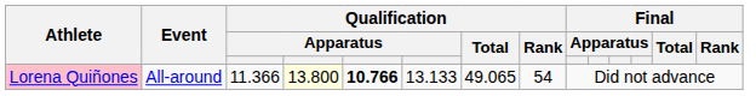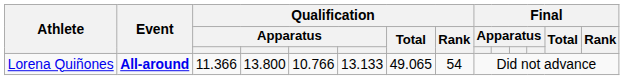 <table class="wikitable" style="font-size:90%">
 <tr>
 <th rowspan=3>Athlete</th>
 <th rowspan=3>Event</th>
 <th colspan =6>Qualification</th>
 <th colspan =6>Final</th>
 </tr>
 <tr style="font-size:95%">
 <th colspan=4>Apparatus</th>
 <th rowspan=2>Total</th>
 <th rowspan=2>Rank</th>
 <th colspan=4>Apparatus</th>
 <th rowspan=2>Total</th>
 <th rowspan=2>Rank</th>
 </tr>
 <tr style="font-size:95%">
 <th></th>
 <th></th>
 <th></th>
 <th></th>
 <th></th>
 <th></th>
 <th></th>
 <th></th>
 </tr>
 <tr align=center>
-<td align=left style="background: pink;"><a href='#'>Lorena Quiñones</a></td>
-<td align=left><a href='#'>All-around</a></td>
+<td align=left><a href='#'>Lorena Quiñones</a></td>
+<td align=left><strong><a href='#'>All-around</a></strong></td>
 <td>11.366</td>
-<td style="background: lightyellow;">13.800</td>
-<td><strong>10.766</strong></td>
+<td>13.800</td>
+<td>10.766</td>
 <td>13.133</td>
 <td>49.065</td>
 <td>54</td>
 <td colspan=6>Did not advance</td>
 </tr>
 </table>
